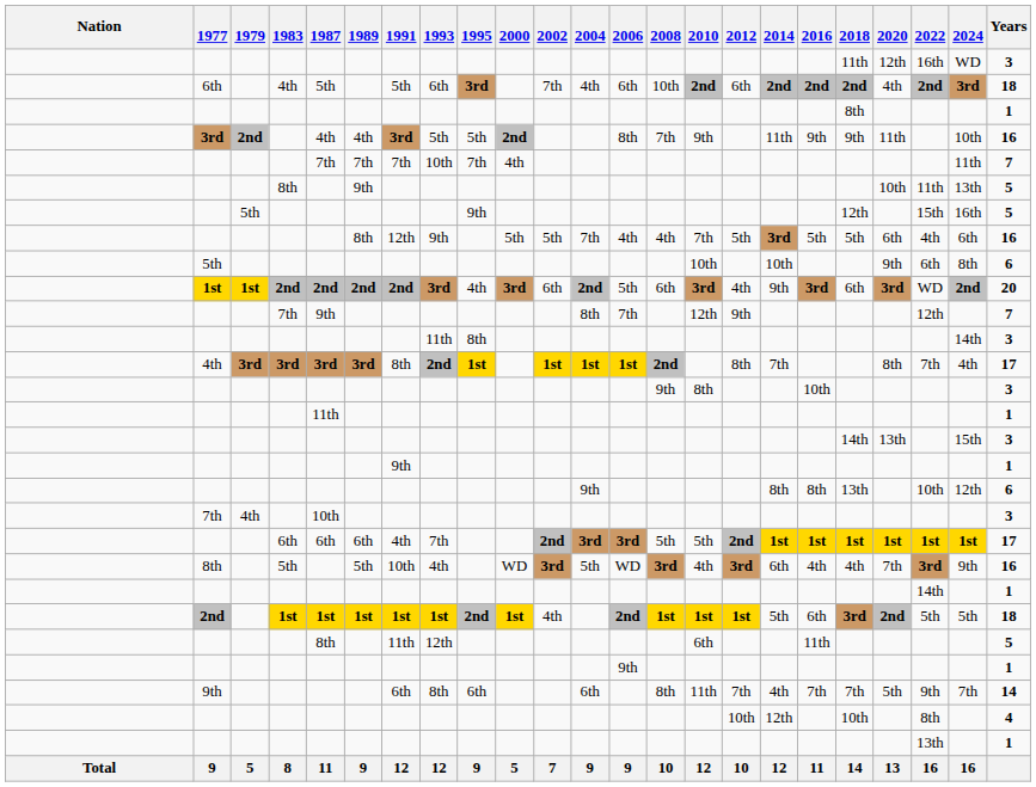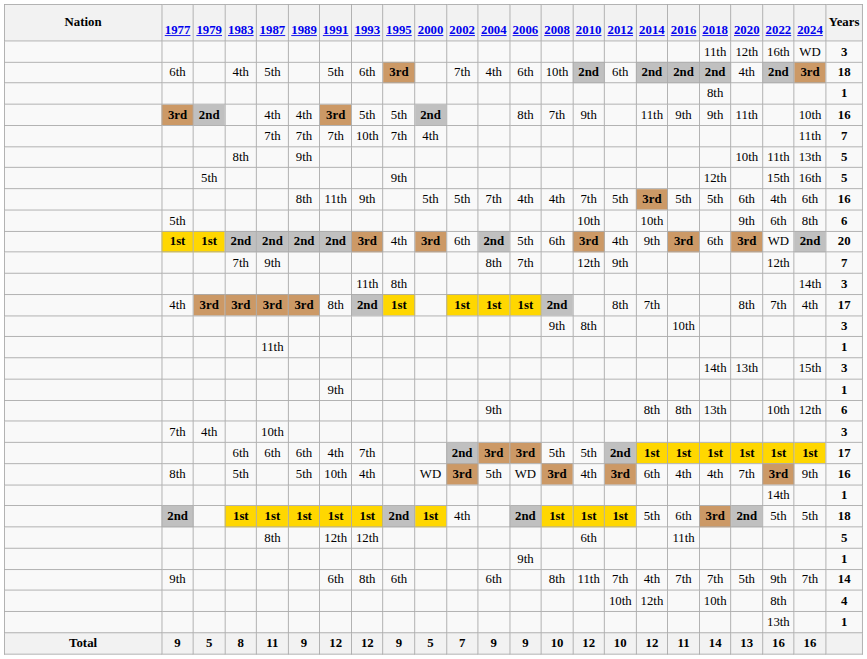 <table class="wikitable" style="text-align:center; font-size:90%">
 <tr>
 <th width=170>Nation</th>
 <th><br><a href='#'>1977</a></th>
 <th><br><a href='#'>1979</a></th>
 <th><br><a href='#'>1983</a></th>
 <th><br><a href='#'>1987</a></th>
 <th><br><a href='#'>1989</a></th>
 <th><br><a href='#'>1991</a></th>
 <th><br><a href='#'>1993</a></th>
 <th><br><a href='#'>1995</a></th>
 <th><br><a href='#'>2000</a></th>
 <th><br><a href='#'>2002</a></th>
 <th><br><a href='#'>2004</a></th>
 <th><br><a href='#'>2006</a></th>
 <th><br><a href='#'>2008</a></th>
 <th><br><a href='#'>2010</a></th>
 <th><br><a href='#'>2012</a></th>
 <th><br><a href='#'>2014</a></th>
 <th><br><a href='#'>2016</a></th>
 <th><br><a href='#'>2018</a></th>
 <th><br><a href='#'>2020</a></th>
 <th><br><a href='#'>2022</a></th>
 <th><br><a href='#'>2024</a></th>
 <th>Years</th>
 </tr>
 <tr>
 <td align=left></td>
 <td></td>
 <td></td>
 <td></td>
 <td></td>
 <td></td>
 <td></td>
 <td></td>
 <td></td>
 <td></td>
 <td></td>
 <td></td>
 <td></td>
 <td></td>
 <td></td>
 <td></td>
 <td></td>
 <td></td>
 <td>11th</td>
 <td>12th</td>
 <td>16th</td>
 <td>WD</td>
 <td><strong>3</strong></td>
 </tr>
 <tr>
 <td align=left></td>
 <td>6th</td>
 <td></td>
 <td>4th</td>
 <td>5th</td>
 <td></td>
 <td>5th</td>
 <td>6th</td>
 <td bgcolor=#cc9966><strong>3rd</strong></td>
 <td></td>
 <td>7th</td>
 <td>4th</td>
 <td>6th</td>
 <td>10th</td>
 <td bgcolor=silver><strong>2nd</strong></td>
 <td>6th</td>
 <td bgcolor=silver><strong>2nd</strong></td>
 <td bgcolor=silver><strong>2nd</strong></td>
 <td bgcolor=silver><strong>2nd</strong></td>
 <td>4th</td>
 <td bgcolor=silver><strong>2nd</strong></td>
 <td bgcolor=#cc9966><strong>3rd</strong></td>
 <td><strong>18</strong></td>
 </tr>
 <tr>
 <td align=left></td>
 <td></td>
 <td></td>
 <td></td>
 <td></td>
 <td></td>
 <td></td>
 <td></td>
 <td></td>
 <td></td>
 <td></td>
 <td></td>
 <td></td>
 <td></td>
 <td></td>
 <td></td>
 <td></td>
 <td></td>
 <td>8th</td>
 <td></td>
 <td></td>
 <td></td>
 <td><strong>1</strong></td>
 </tr>
 <tr>
 <td align=left></td>
 <td bgcolor=#cc9966><strong>3rd</strong></td>
 <td bgcolor=silver><strong>2nd</strong></td>
 <td></td>
 <td>4th</td>
 <td>4th</td>
 <td bgcolor=#cc9966><strong>3rd</strong></td>
 <td>5th</td>
 <td>5th</td>
 <td bgcolor=silver><strong>2nd</strong></td>
 <td></td>
 <td></td>
 <td>8th</td>
 <td>7th</td>
 <td>9th</td>
 <td></td>
 <td>11th</td>
 <td>9th</td>
 <td>9th</td>
 <td>11th</td>
 <td></td>
 <td>10th</td>
 <td><strong>16</strong></td>
 </tr>
 <tr>
 <td align=left></td>
 <td></td>
 <td></td>
 <td></td>
 <td>7th</td>
 <td>7th</td>
 <td>7th</td>
 <td>10th</td>
 <td>7th</td>
 <td>4th</td>
 <td></td>
 <td></td>
 <td></td>
 <td></td>
 <td></td>
 <td></td>
 <td></td>
 <td></td>
 <td></td>
 <td></td>
 <td></td>
 <td>11th</td>
 <td><strong>7</strong></td>
 </tr>
 <tr>
 <td align=left></td>
 <td></td>
 <td></td>
 <td>8th</td>
 <td></td>
 <td>9th</td>
 <td></td>
 <td></td>
 <td></td>
 <td></td>
 <td></td>
 <td></td>
 <td></td>
 <td></td>
 <td></td>
 <td></td>
 <td></td>
 <td></td>
 <td></td>
 <td>10th</td>
 <td>11th</td>
 <td>13th</td>
 <td><strong>5</strong></td>
 </tr>
 <tr>
 <td align=left></td>
 <td></td>
 <td>5th</td>
 <td></td>
 <td></td>
 <td></td>
 <td></td>
 <td></td>
 <td>9th</td>
 <td></td>
 <td></td>
 <td></td>
 <td></td>
 <td></td>
 <td></td>
 <td></td>
 <td></td>
 <td></td>
 <td>12th</td>
 <td></td>
 <td>15th</td>
 <td>16th</td>
 <td><strong>5</strong></td>
 </tr>
 <tr>
 <td align=left></td>
 <td></td>
 <td></td>
 <td></td>
 <td></td>
 <td>8th</td>
-<td>12th</td>
+<td>11th</td>
 <td>9th</td>
 <td></td>
 <td>5th</td>
 <td>5th</td>
 <td>7th</td>
 <td>4th</td>
 <td>4th</td>
 <td>7th</td>
 <td>5th</td>
 <td bgcolor=#cc9966><strong>3rd</strong></td>
 <td>5th</td>
 <td>5th</td>
 <td>6th</td>
 <td>4th</td>
 <td>6th</td>
 <td><strong>16</strong></td>
 </tr>
 <tr>
 <td align=left></td>
 <td>5th</td>
 <td></td>
 <td></td>
 <td></td>
 <td></td>
 <td></td>
 <td></td>
 <td></td>
 <td></td>
 <td></td>
 <td></td>
 <td></td>
 <td></td>
 <td>10th</td>
 <td></td>
 <td>10th</td>
 <td></td>
 <td></td>
 <td>9th</td>
 <td>6th</td>
 <td>8th</td>
 <td><strong>6</strong></td>
 </tr>
 <tr>
 <td align=left></td>
 <td bgcolor=gold><strong>1st</strong></td>
 <td bgcolor=gold><strong>1st</strong></td>
 <td bgcolor=silver><strong>2nd</strong></td>
 <td bgcolor=silver><strong>2nd</strong></td>
 <td bgcolor=silver><strong>2nd</strong></td>
 <td bgcolor=silver><strong>2nd</strong></td>
 <td bgcolor=#cc9966><strong>3rd</strong></td>
 <td>4th</td>
 <td bgcolor=#cc9966><strong>3rd</strong></td>
 <td>6th</td>
 <td bgcolor=silver><strong>2nd</strong></td>
 <td>5th</td>
 <td>6th</td>
 <td bgcolor=#cc9966><strong>3rd</strong></td>
 <td>4th</td>
 <td>9th</td>
 <td bgcolor=#cc9966><strong>3rd</strong></td>
 <td>6th</td>
 <td bgcolor=#cc9966><strong>3rd</strong></td>
 <td>WD</td>
 <td bgcolor=silver><strong>2nd</strong></td>
 <td><strong>20</strong></td>
 </tr>
 <tr>
 <td align=left></td>
 <td></td>
 <td></td>
 <td>7th</td>
 <td>9th</td>
 <td></td>
 <td></td>
 <td></td>
 <td></td>
 <td></td>
 <td></td>
 <td>8th</td>
 <td>7th</td>
 <td></td>
 <td>12th</td>
 <td>9th</td>
 <td></td>
 <td></td>
 <td></td>
 <td></td>
 <td>12th</td>
 <td></td>
 <td><strong>7</strong></td>
 </tr>
 <tr>
 <td align=left></td>
 <td></td>
 <td></td>
 <td></td>
 <td></td>
 <td></td>
 <td></td>
 <td>11th</td>
 <td>8th</td>
 <td></td>
 <td></td>
 <td></td>
 <td></td>
 <td></td>
 <td></td>
 <td></td>
 <td></td>
 <td></td>
 <td></td>
 <td></td>
 <td></td>
 <td>14th</td>
 <td><strong>3</strong></td>
 </tr>
 <tr>
 <td align=left></td>
 <td>4th</td>
 <td bgcolor=#cc9966><strong>3rd</strong></td>
 <td bgcolor=#cc9966><strong>3rd</strong></td>
 <td bgcolor=#cc9966><strong>3rd</strong></td>
 <td bgcolor=#cc9966><strong>3rd</strong></td>
 <td>8th</td>
 <td bgcolor=silver><strong>2nd</strong></td>
 <td bgcolor=gold><strong>1st</strong></td>
 <td></td>
 <td bgcolor=gold><strong>1st</strong></td>
 <td bgcolor=gold><strong>1st</strong></td>
 <td bgcolor=gold><strong>1st</strong></td>
 <td bgcolor=silver><strong>2nd</strong></td>
 <td></td>
 <td>8th</td>
 <td>7th</td>
 <td></td>
 <td></td>
 <td>8th</td>
 <td>7th</td>
 <td>4th</td>
 <td><strong>17</strong></td>
 </tr>
 <tr>
 <td align=left></td>
 <td></td>
 <td></td>
 <td></td>
 <td></td>
 <td></td>
 <td></td>
 <td></td>
 <td></td>
 <td></td>
 <td></td>
 <td></td>
 <td></td>
 <td>9th</td>
 <td>8th</td>
 <td></td>
 <td></td>
 <td>10th</td>
 <td></td>
 <td></td>
 <td></td>
 <td></td>
 <td><strong>3</strong></td>
 </tr>
 <tr>
 <td align=left></td>
 <td></td>
 <td></td>
 <td></td>
 <td>11th</td>
 <td></td>
 <td></td>
 <td></td>
 <td></td>
 <td></td>
 <td></td>
 <td></td>
 <td></td>
 <td></td>
 <td></td>
 <td></td>
 <td></td>
 <td></td>
 <td></td>
 <td></td>
 <td></td>
 <td></td>
 <td><strong>1</strong></td>
 </tr>
 <tr>
 <td align=left></td>
 <td></td>
 <td></td>
 <td></td>
 <td></td>
 <td></td>
 <td></td>
 <td></td>
 <td></td>
 <td></td>
 <td></td>
 <td></td>
 <td></td>
 <td></td>
 <td></td>
 <td></td>
 <td></td>
 <td></td>
 <td>14th</td>
 <td>13th</td>
 <td></td>
 <td>15th</td>
 <td><strong>3</strong></td>
 </tr>
 <tr>
 <td align=left></td>
 <td></td>
 <td></td>
 <td></td>
 <td></td>
 <td></td>
 <td>9th</td>
 <td></td>
 <td></td>
 <td></td>
 <td></td>
 <td></td>
 <td></td>
 <td></td>
 <td></td>
 <td></td>
 <td></td>
 <td></td>
 <td></td>
 <td></td>
 <td></td>
 <td></td>
 <td><strong>1</strong></td>
 </tr>
 <tr>
 <td align=left></td>
 <td></td>
 <td></td>
 <td></td>
 <td></td>
 <td></td>
 <td></td>
 <td></td>
 <td></td>
 <td></td>
 <td></td>
 <td>9th</td>
 <td></td>
 <td></td>
 <td></td>
 <td></td>
 <td>8th</td>
 <td>8th</td>
 <td>13th</td>
 <td></td>
 <td>10th</td>
 <td>12th</td>
 <td><strong>6</strong></td>
 </tr>
 <tr>
 <td align=left></td>
 <td>7th</td>
 <td>4th</td>
 <td></td>
 <td>10th</td>
 <td></td>
 <td></td>
 <td></td>
 <td></td>
 <td></td>
 <td></td>
 <td></td>
 <td></td>
 <td></td>
 <td></td>
 <td></td>
 <td></td>
 <td></td>
 <td></td>
 <td></td>
 <td></td>
 <td></td>
 <td><strong>3</strong></td>
 </tr>
 <tr>
 <td align=left></td>
 <td></td>
 <td></td>
 <td>6th</td>
 <td>6th</td>
 <td>6th</td>
 <td>4th</td>
 <td>7th</td>
 <td></td>
 <td></td>
 <td bgcolor=silver><strong>2nd</strong></td>
 <td bgcolor=#cc9966><strong>3rd</strong></td>
 <td bgcolor=#cc9966><strong>3rd</strong></td>
 <td>5th</td>
 <td>5th</td>
 <td bgcolor=silver><strong>2nd</strong></td>
 <td bgcolor=gold><strong>1st</strong></td>
 <td bgcolor=gold><strong>1st</strong></td>
 <td bgcolor=gold><strong>1st</strong></td>
 <td bgcolor=gold><strong>1st</strong></td>
 <td bgcolor=gold><strong>1st</strong></td>
 <td bgcolor=gold><strong>1st</strong></td>
 <td><strong>17</strong></td>
 </tr>
 <tr>
 <td align=left></td>
 <td>8th</td>
 <td></td>
 <td>5th</td>
 <td></td>
 <td>5th</td>
 <td>10th</td>
 <td>4th</td>
 <td></td>
 <td>WD</td>
 <td bgcolor=#cc9966><strong>3rd</strong></td>
 <td>5th</td>
 <td>WD</td>
 <td bgcolor=#cc9966><strong>3rd</strong></td>
 <td>4th</td>
 <td bgcolor=#cc9966><strong>3rd</strong></td>
 <td>6th</td>
 <td>4th</td>
 <td>4th</td>
 <td>7th</td>
 <td bgcolor=#cc9966><strong>3rd</strong></td>
 <td>9th</td>
 <td><strong>16</strong></td>
 </tr>
 <tr>
 <td align=left></td>
 <td></td>
 <td></td>
 <td></td>
 <td></td>
 <td></td>
 <td></td>
 <td></td>
 <td></td>
 <td></td>
 <td></td>
 <td></td>
 <td></td>
 <td></td>
 <td></td>
 <td></td>
 <td></td>
 <td></td>
 <td></td>
 <td></td>
 <td>14th</td>
 <td></td>
 <td><strong>1</strong></td>
 </tr>
 <tr>
 <td align=left></td>
 <td bgcolor=silver><strong>2nd</strong></td>
 <td></td>
 <td bgcolor=gold><strong>1st</strong></td>
 <td bgcolor=gold><strong>1st</strong></td>
 <td bgcolor=gold><strong>1st</strong></td>
 <td bgcolor=gold><strong>1st</strong></td>
 <td bgcolor=gold><strong>1st</strong></td>
 <td bgcolor=silver><strong>2nd</strong></td>
 <td bgcolor=gold><strong>1st</strong></td>
 <td>4th</td>
 <td></td>
 <td bgcolor=silver><strong>2nd</strong></td>
 <td bgcolor=gold><strong>1st</strong></td>
 <td bgcolor=gold><strong>1st</strong></td>
 <td bgcolor=gold><strong>1st</strong></td>
 <td>5th</td>
 <td>6th</td>
 <td bgcolor=#cc9966><strong>3rd</strong></td>
 <td bgcolor=silver><strong>2nd</strong></td>
 <td>5th</td>
 <td>5th</td>
 <td><strong>18</strong></td>
 </tr>
 <tr>
 <td align=left></td>
 <td></td>
 <td></td>
 <td></td>
 <td>8th</td>
 <td></td>
-<td>11th</td>
+<td>12th</td>
 <td>12th</td>
 <td></td>
 <td></td>
 <td></td>
 <td></td>
 <td></td>
 <td></td>
 <td>6th</td>
 <td></td>
 <td></td>
 <td>11th</td>
 <td></td>
 <td></td>
 <td></td>
 <td></td>
 <td><strong>5</strong></td>
 </tr>
 <tr>
 <td align=left></td>
 <td></td>
 <td></td>
 <td></td>
 <td></td>
 <td></td>
 <td></td>
 <td></td>
 <td></td>
 <td></td>
 <td></td>
 <td></td>
 <td>9th</td>
 <td></td>
 <td></td>
 <td></td>
 <td></td>
 <td></td>
 <td></td>
 <td></td>
 <td></td>
 <td></td>
 <td><strong>1</strong></td>
 </tr>
 <tr>
 <td align=left></td>
 <td>9th</td>
 <td></td>
 <td></td>
 <td></td>
 <td></td>
 <td>6th</td>
 <td>8th</td>
 <td>6th</td>
 <td></td>
 <td></td>
 <td>6th</td>
 <td></td>
 <td>8th</td>
 <td>11th</td>
 <td>7th</td>
 <td>4th</td>
 <td>7th</td>
 <td>7th</td>
 <td>5th</td>
 <td>9th</td>
 <td>7th</td>
 <td><strong>14</strong></td>
 </tr>
 <tr>
 <td align=left></td>
 <td></td>
 <td></td>
 <td></td>
 <td></td>
 <td></td>
 <td></td>
 <td></td>
 <td></td>
 <td></td>
 <td></td>
 <td></td>
 <td></td>
 <td></td>
 <td></td>
 <td>10th</td>
 <td>12th</td>
 <td></td>
 <td>10th</td>
 <td></td>
 <td>8th</td>
 <td></td>
 <td><strong>4</strong></td>
 </tr>
 <tr>
 <td align=left></td>
 <td></td>
 <td></td>
 <td></td>
 <td></td>
 <td></td>
 <td></td>
 <td></td>
 <td></td>
 <td></td>
 <td></td>
 <td></td>
 <td></td>
 <td></td>
 <td></td>
 <td></td>
 <td></td>
 <td></td>
 <td></td>
 <td></td>
 <td>13th</td>
 <td></td>
 <td><strong>1</strong></td>
 </tr>
 <tr>
 <th>Total</th>
 <th>9</th>
 <th>5</th>
 <th>8</th>
 <th>11</th>
 <th>9</th>
 <th>12</th>
 <th>12</th>
 <th>9</th>
 <th>5</th>
 <th>7</th>
 <th>9</th>
 <th>9</th>
 <th>10</th>
 <th>12</th>
 <th>10</th>
 <th>12</th>
 <th>11</th>
 <th>14</th>
 <th>13</th>
 <th>16</th>
 <th>16</th>
 <th></th>
 </tr>
 </table>
